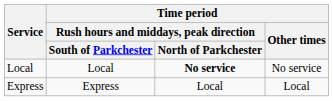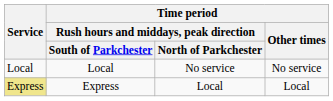 <table class="wikitable">
 <tr>
 <th rowspan=3>Service</th>
 <th colspan=3>Time period</th>
 </tr>
 <tr>
 <th colspan=2>Rush hours and middays, peak direction</th>
 <th rowspan=2>Other times</th>
 </tr>
 <tr>
 <th>South of <a href='#'>Parkchester</a></th>
 <th>North of Parkchester</th>
 </tr>
 <tr>
 <td> Local</td>
 <td align=center>Local</td>
-<td align=center><strong>No service</strong></td>
+<td align=center>No service</td>
 <td align=center>No service</td>
 </tr>
 <tr>
-<td> Express</td>
+<td style="background: khaki;"> Express</td>
 <td align=center>Express</td>
 <td align=center>Local</td>
 <td align=center>Local</td>
 </tr>
 </table>
